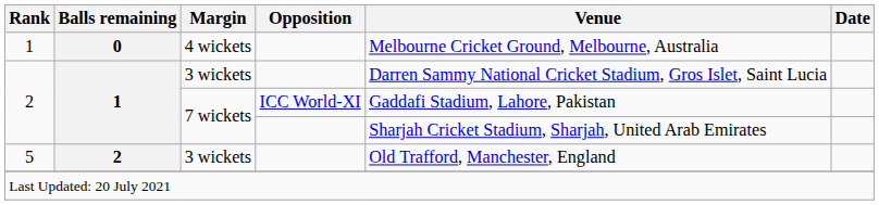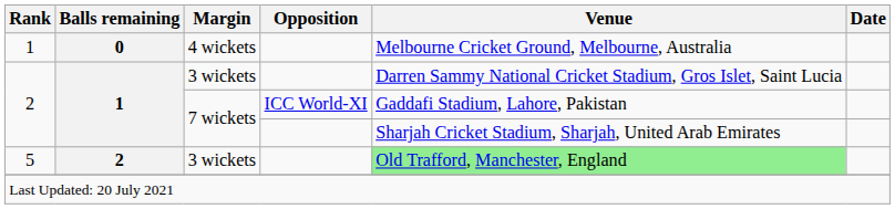 <table class="wikitable plainrowheaders sortable">
 <tr>
 <th scope=col>Rank</th>
 <th scope=col>Balls remaining</th>
 <th scope=col>Margin</th>
 <th scope=col>Opposition</th>
 <th scope=col>Venue</th>
 <th scope=col>Date</th>
 </tr>
 <tr>
 <td align=center>1</td>
 <th scope=row style=text-align:center>0</th>
 <td scope=row style=text-align:center;>4 wickets</td>
 <td></td>
 <td><a href='#'>Melbourne Cricket Ground</a>, <a href='#'>Melbourne</a>, Australia</td>
 <td> </td>
 </tr>
 <tr>
 <td align=center rowspan=3>2</td>
 <th scope=row style=text-align:center rowspan=3>1</th>
 <td scope=row style=text-align:center;>3 wickets</td>
 <td></td>
 <td><a href='#'>Darren Sammy National Cricket Stadium</a>, <a href='#'>Gros Islet</a>, Saint Lucia</td>
 <td> </td>
 </tr>
 <tr>
 <td scope=row style=text-align:center; rowspan=2>7 wickets</td>
 <td><a href='#'>ICC World-XI</a></td>
 <td><a href='#'>Gaddafi Stadium</a>, <a href='#'>Lahore</a>, Pakistan</td>
 <td></td>
 </tr>
 <tr>
 <td></td>
 <td><a href='#'>Sharjah Cricket Stadium</a>, <a href='#'>Sharjah</a>, United Arab Emirates</td>
 <td></td>
 </tr>
 <tr>
 <td align=center>5</td>
 <th scope=row style=text-align:center>2</th>
 <td scope=row style=text-align:center;>3 wickets</td>
 <td></td>
-<td><a href='#'>Old Trafford</a>, <a href='#'>Manchester</a>, England</td>
+<td style="background: lightgreen;"><a href='#'>Old Trafford</a>, <a href='#'>Manchester</a>, England</td>
 <td></td>
 </tr>
 <tr>
 </tr>
 <tr class=sortbottom>
 <td colspan=6><small>Last Updated: 20 July 2021</small></td>
 </tr>
 </table>
